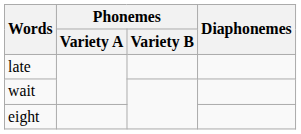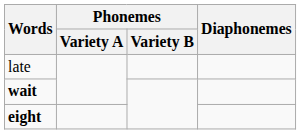 <table class="wikitable">
 <tr>
 <th rowspan="2">Words</th>
 <th colspan="2">Phonemes</th>
 <th rowspan="2">Diaphonemes</th>
 </tr>
 <tr>
 <th>Variety A</th>
 <th>Variety B</th>
 </tr>
 <tr>
 <td>late</td>
 <td rowspan="2"></td>
 <td></td>
 <td></td>
 </tr>
 <tr>
-<td>wait</td>
+<td><strong>wait</strong></td>
 <td rowspan="2"></td>
 <td></td>
 </tr>
 <tr>
-<td>eight</td>
+<td><strong>eight</strong></td>
 <td></td>
 <td></td>
 </tr>
 </table>
